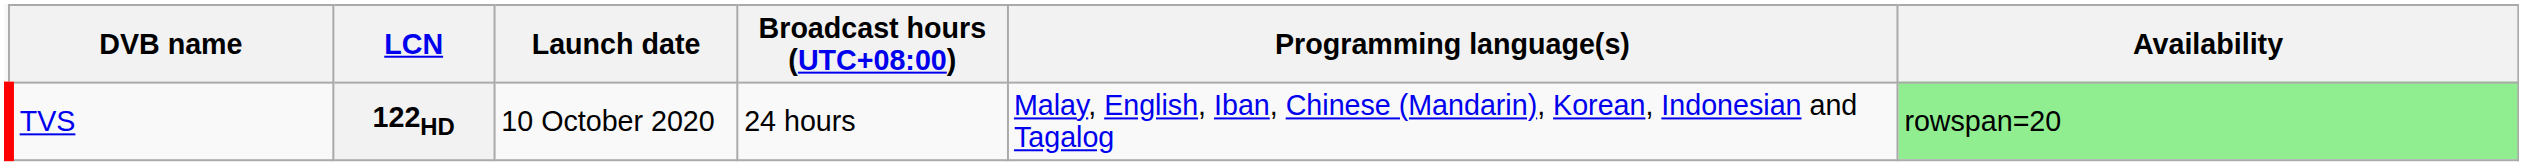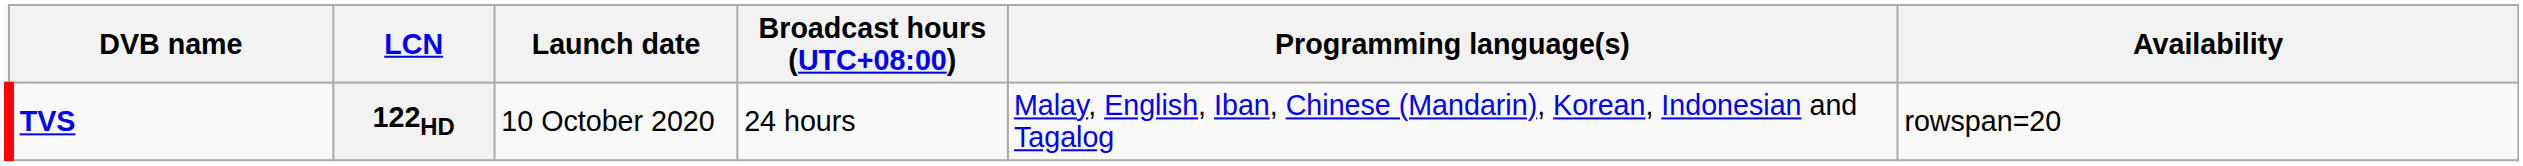 <table class="wikitable" style="font-size:90%; width:100%;">
 <tr>
 <th width="12%">DVB name</th>
 <th width="6%"><a href='#'>LCN</a></th>
 <th width="9%">Launch date</th>
 <th width="10%">Broadcast hours (<a href='#'>UTC+08:00</a>)</th>
 <th width="33%">Programming language(s)</th>
 <th width="23%">Availability</th>
 </tr>
 <tr>
-<td style="border-left: 5px solid red;"><a href='#'>TVS</a></td>
+<td style="border-left: 5px solid red;"><strong><a href='#'>TVS</a></strong></td>
 <th>122<sub>HD</sub></th>
 <td>10 October 2020</td>
 <td rowspan=20>24 hours</td>
 <td><a href='#'>Malay</a>, <a href='#'>English</a>, <a href='#'>Iban</a>, <a href='#'>Chinese (Mandarin)</a>, <a href='#'>Korean</a>, <a href='#'>Indonesian</a> and <a href='#'>Tagalog</a></td>
-<td style="background: lightgreen;">rowspan=20 </td>
+<td>rowspan=20 </td>
 </tr>
 </table>
